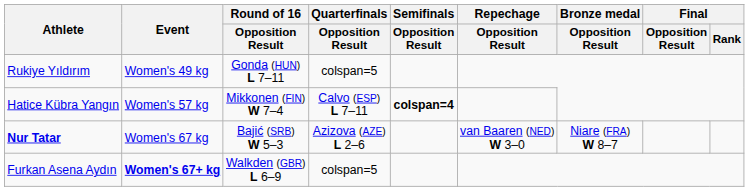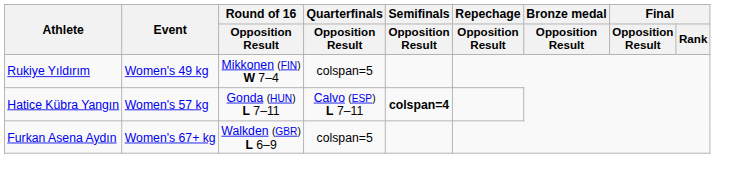 <table class="wikitable" style="font-size:90%">
 <tr>
 <th rowspan="2">Athlete</th>
 <th rowspan="2">Event</th>
 <th>Round of 16</th>
 <th>Quarterfinals</th>
 <th>Semifinals</th>
 <th>Repechage</th>
 <th>Bronze medal</th>
 <th colspan=2>Final</th>
 </tr>
 <tr style="font-size:95%">
 <th>Opposition<br>Result</th>
 <th>Opposition<br>Result</th>
 <th>Opposition<br>Result</th>
 <th>Opposition<br>Result</th>
 <th>Opposition<br>Result</th>
 <th>Opposition<br>Result</th>
 <th>Rank</th>
 </tr>
 <tr align=center>
 <td align=left><a href='#'>Rukiye Yıldırım</a></td>
 <td align=left><a href='#'>Women's 49 kg</a></td>
-<td> <a href='#'>Gonda</a> <small>(<a href='#'>HUN</a>)</small> <br><strong>L</strong> 7–11</td>
+<td> <a href='#'>Mikkonen</a> <small>(<a href='#'>FIN</a>)</small> <br><strong>W</strong> 7–4</td>
 <td>colspan=5 </td>
 <td></td>
 </tr>
 <tr align=center>
 <td align=left><a href='#'>Hatice Kübra Yangın</a></td>
 <td align=left><a href='#'>Women's 57 kg</a></td>
-<td> <a href='#'>Mikkonen</a> <small>(<a href='#'>FIN</a>)</small> <br><strong>W</strong> 7–4</td>
+<td> <a href='#'>Gonda</a> <small>(<a href='#'>HUN</a>)</small> <br><strong>L</strong> 7–11</td>
 <td> <a href='#'>Calvo</a> <small>(<a href='#'>ESP</a>)</small> <br><strong>L</strong> 7–11</td>
 <td><strong>colspan=4 </strong></td>
 <td></td>
 </tr>
 <tr align=center>
-<td align=left><strong><a href='#'>Nur Tatar</a></strong></td>
-<td align=left><a href='#'>Women's 67 kg</a></td>
-<td> <a href='#'>Bajić</a> <small>(<a href='#'>SRB</a>)</small> <br><strong>W</strong> 5–3</td>
-<td> <a href='#'>Azizova</a> <small>(<a href='#'>AZE</a>)</small> <br><strong>L</strong> 2–6</td>
-<td></td>
-<td> <a href='#'>van Baaren</a> <small>(<a href='#'>NED</a>)</small> <br><strong>W</strong> 3–0</td>
-<td> <a href='#'>Niare</a> <small>(<a href='#'>FRA</a>)</small> <br><strong>W</strong> 8–7</td>
-<td></td>
-<td></td>
-</tr>
-<tr align=center>
 <td align=left><a href='#'>Furkan Asena Aydın</a></td>
-<td align=left><strong><a href='#'>Women's 67+ kg</a></strong></td>
+<td align=left><a href='#'>Women's 67+ kg</a></td>
 <td> <a href='#'>Walkden</a> <small>(<a href='#'>GBR</a>)</small> <br><strong>L</strong> 6–9</td>
 <td>colspan=5 </td>
 <td></td>
 </tr>
 </table>
